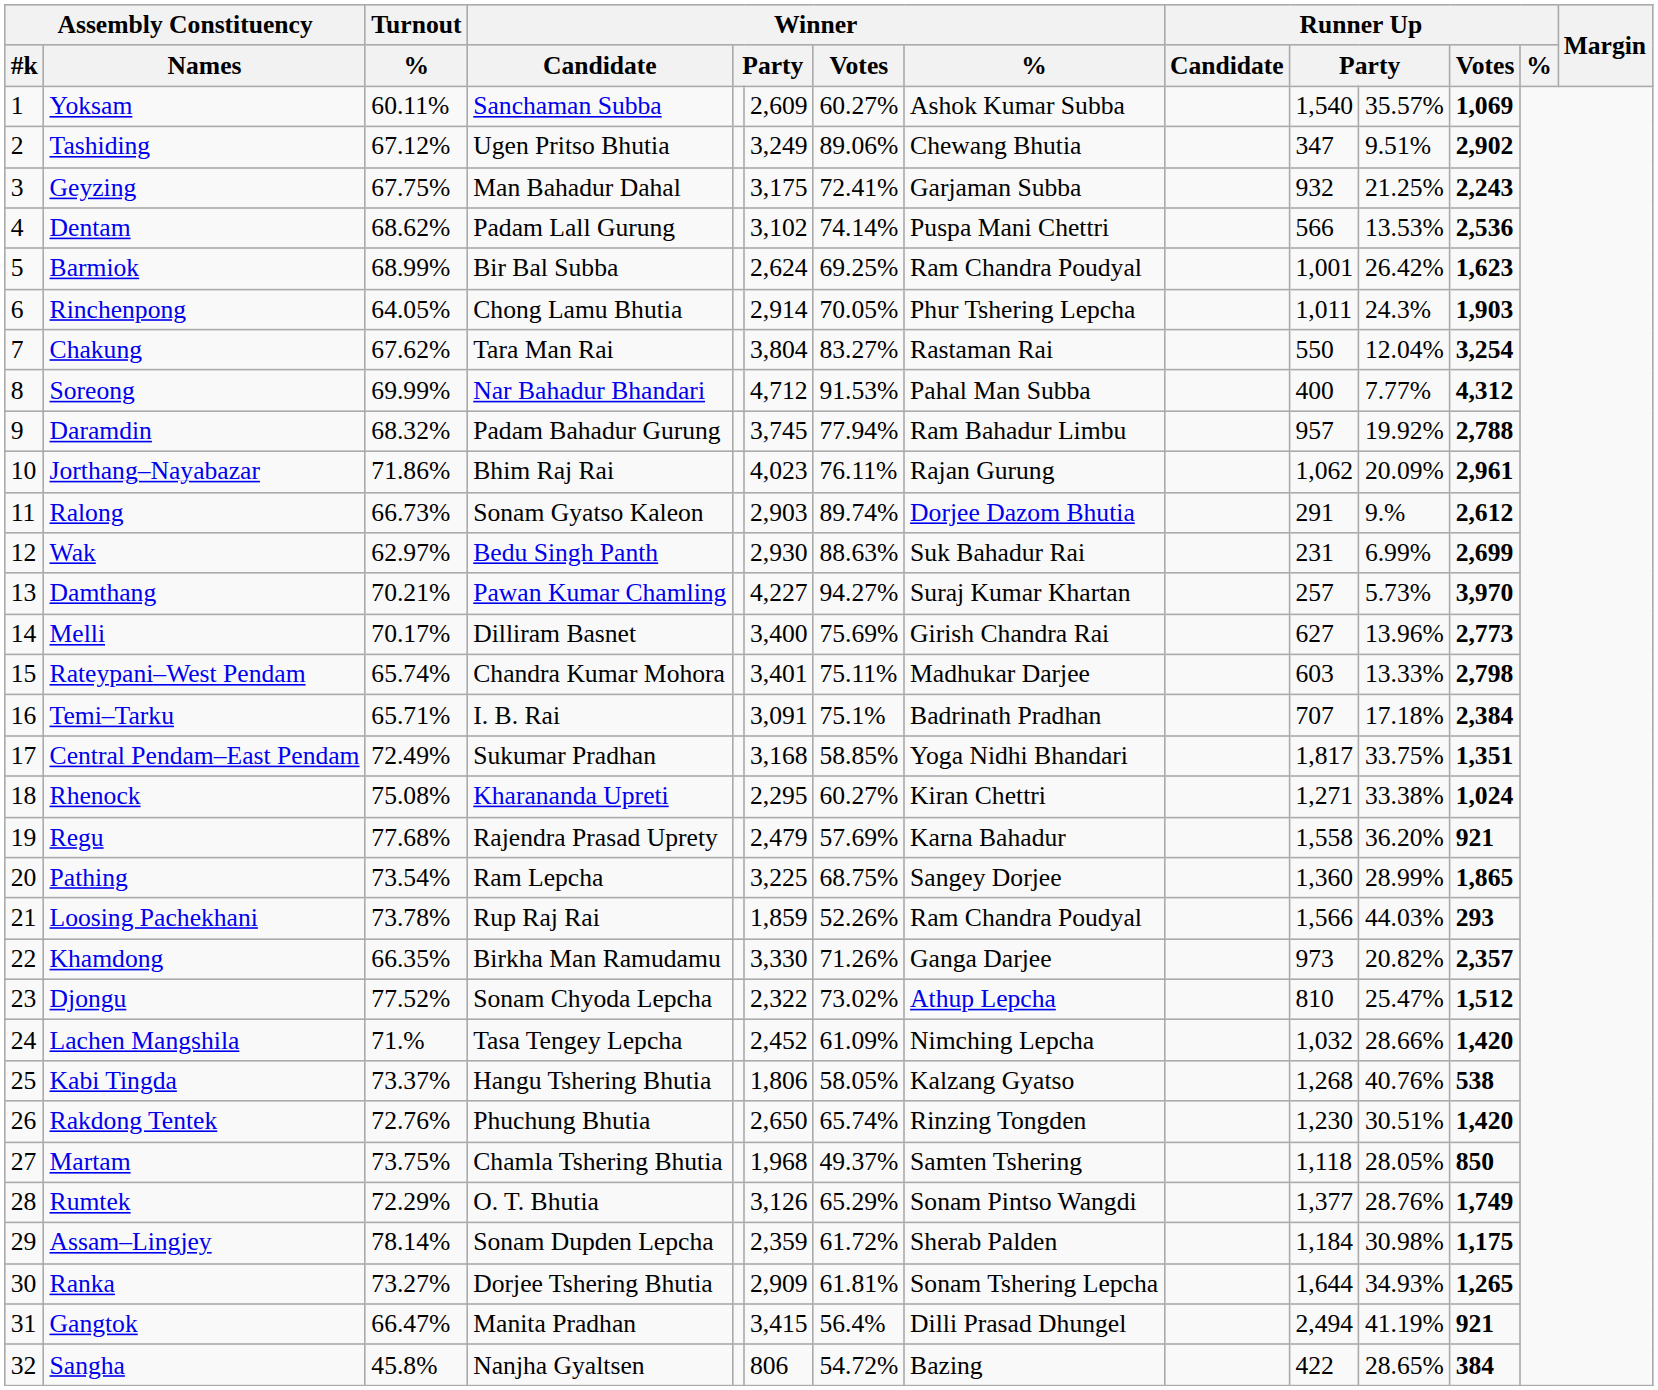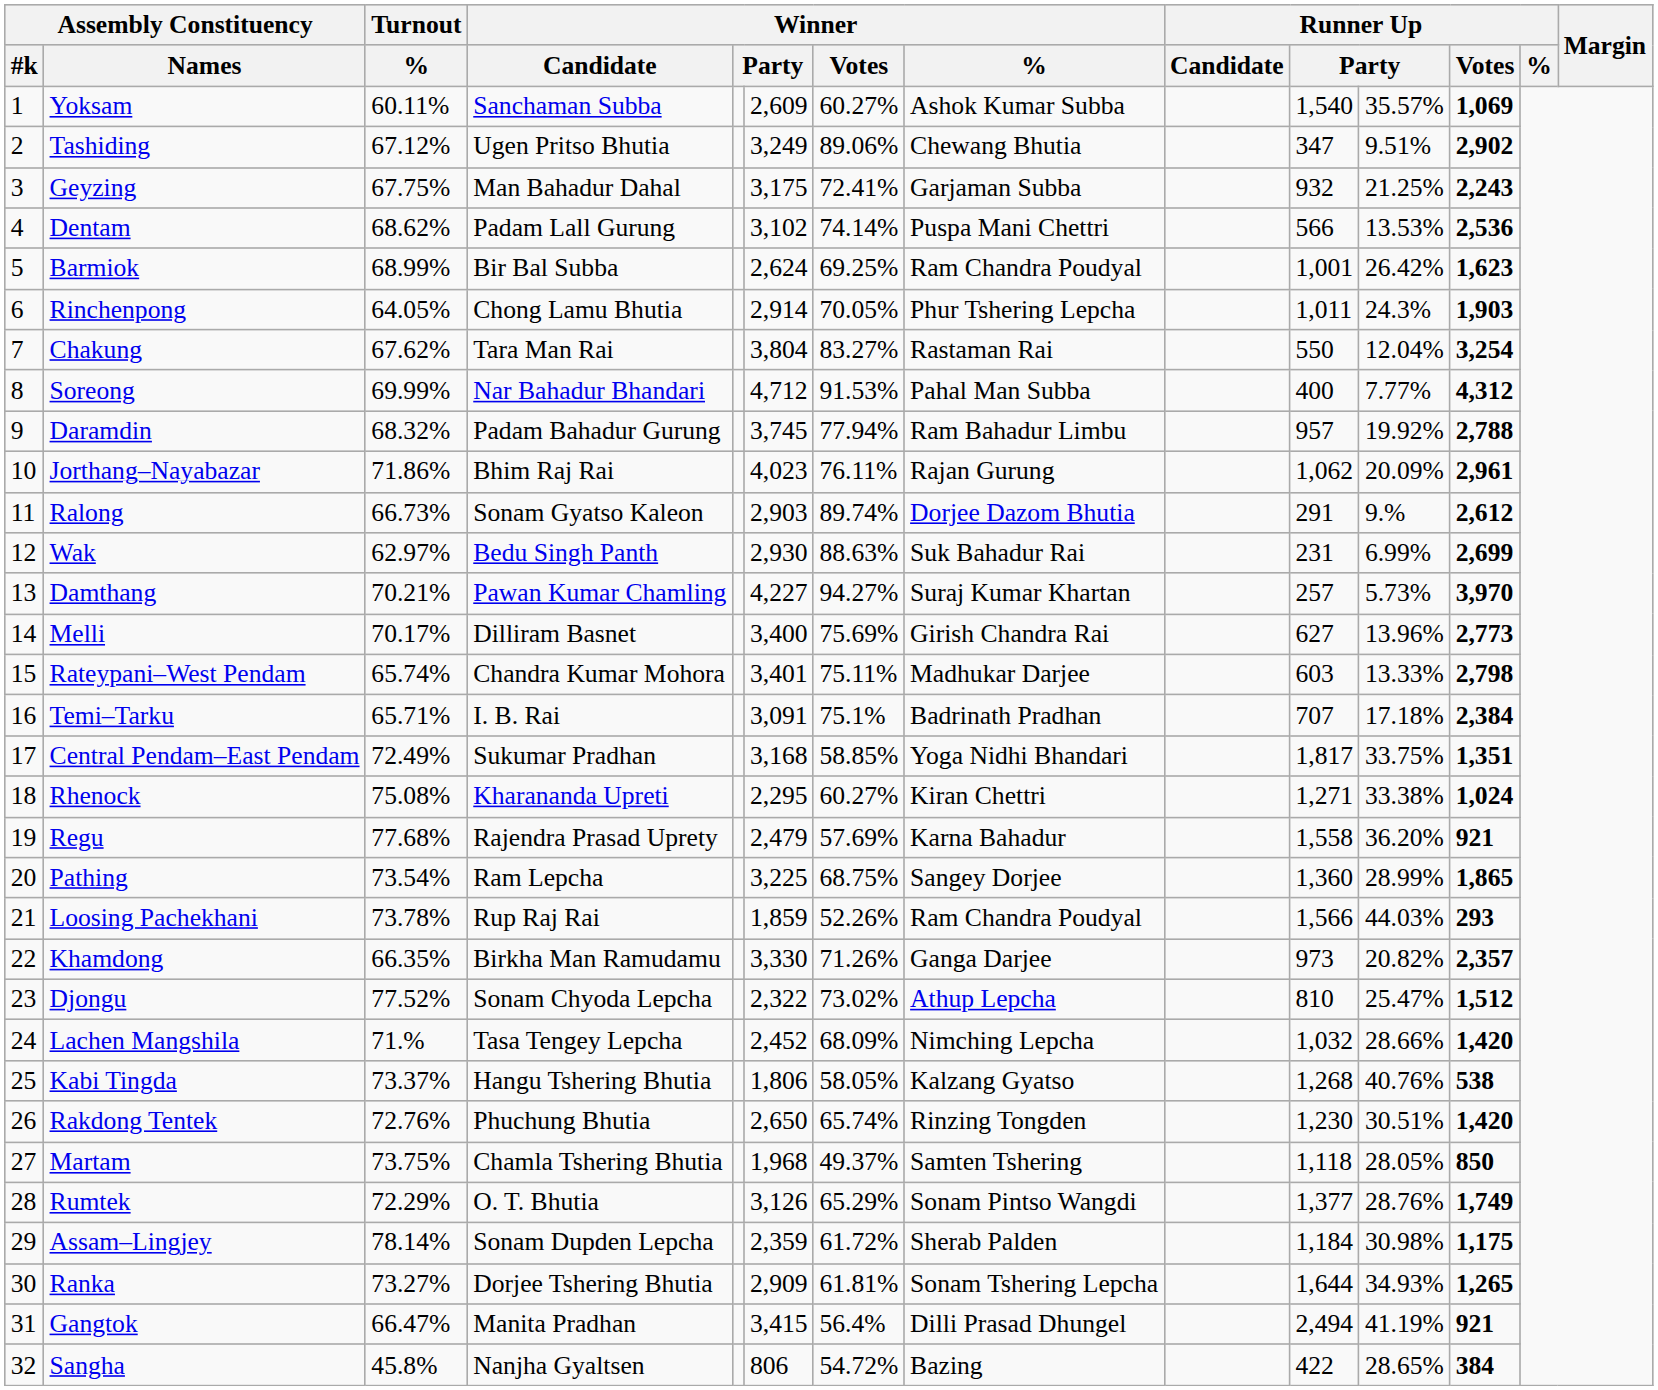 <table class="wikitable sortable">
 <tr>
 <th colspan="2">Assembly Constituency</th>
 <th>Turnout</th>
 <th colspan="5">Winner</th>
 <th colspan="5">Runner Up</th>
 <th rowspan="2" data-sort-type=number>Margin</th>
 </tr>
 <tr>
 <th>#k</th>
 <th>Names</th>
 <th>%</th>
 <th>Candidate</th>
 <th colspan="2">Party</th>
 <th data-sort-type=number>Votes</th>
 <th>%</th>
 <th>Candidate</th>
 <th colspan="2">Party</th>
 <th data-sort-type=number>Votes</th>
 <th>%</th>
 </tr>
 <tr>
 <td>1</td>
 <td><a href='#'>Yoksam</a></td>
 <td>60.11%</td>
 <td><a href='#'>Sanchaman Subba</a></td>
 <td></td>
 <td>2,609</td>
 <td>60.27%</td>
 <td>Ashok Kumar Subba</td>
 <td></td>
 <td>1,540</td>
 <td>35.57%</td>
 <td style="background:"><span><strong>1,069</strong></span></td>
 </tr>
 <tr>
 <td>2</td>
 <td><a href='#'>Tashiding</a></td>
 <td>67.12%</td>
 <td>Ugen Pritso Bhutia</td>
 <td></td>
 <td>3,249</td>
 <td>89.06%</td>
 <td>Chewang Bhutia</td>
 <td></td>
 <td>347</td>
 <td>9.51%</td>
 <td style="background:"><span><strong>2,902</strong></span></td>
 </tr>
 <tr>
 <td>3</td>
 <td><a href='#'>Geyzing</a></td>
 <td>67.75%</td>
 <td>Man Bahadur Dahal</td>
 <td></td>
 <td>3,175</td>
 <td>72.41%</td>
 <td>Garjaman Subba</td>
 <td></td>
 <td>932</td>
 <td>21.25%</td>
 <td style="background:"><span><strong>2,243</strong></span></td>
 </tr>
 <tr>
 <td>4</td>
 <td><a href='#'>Dentam</a></td>
 <td>68.62%</td>
 <td>Padam Lall Gurung</td>
 <td></td>
 <td>3,102</td>
 <td>74.14%</td>
 <td>Puspa Mani Chettri</td>
 <td></td>
 <td>566</td>
 <td>13.53%</td>
 <td style="background:"><span><strong>2,536</strong></span></td>
 </tr>
 <tr>
 <td>5</td>
 <td><a href='#'>Barmiok</a></td>
 <td>68.99%</td>
 <td>Bir Bal Subba</td>
 <td></td>
 <td>2,624</td>
 <td>69.25%</td>
 <td>Ram Chandra Poudyal</td>
 <td></td>
 <td>1,001</td>
 <td>26.42%</td>
 <td style="background:"><span><strong>1,623</strong></span></td>
 </tr>
 <tr>
 <td>6</td>
 <td><a href='#'>Rinchenpong</a></td>
 <td>64.05%</td>
 <td>Chong Lamu Bhutia</td>
 <td></td>
 <td>2,914</td>
 <td>70.05%</td>
 <td>Phur Tshering  Lepcha</td>
 <td></td>
 <td>1,011</td>
 <td>24.3%</td>
 <td style="background:"><span><strong>1,903</strong></span></td>
 </tr>
 <tr>
 <td>7</td>
 <td><a href='#'>Chakung</a></td>
 <td>67.62%</td>
 <td>Tara Man Rai</td>
 <td></td>
 <td>3,804</td>
 <td>83.27%</td>
 <td>Rastaman Rai</td>
 <td></td>
 <td>550</td>
 <td>12.04%</td>
 <td style="background:"><span><strong>3,254</strong></span></td>
 </tr>
 <tr>
 <td>8</td>
 <td><a href='#'>Soreong</a></td>
 <td>69.99%</td>
 <td><a href='#'>Nar Bahadur Bhandari</a></td>
 <td></td>
 <td>4,712</td>
 <td>91.53%</td>
 <td>Pahal Man Subba</td>
 <td></td>
 <td>400</td>
 <td>7.77%</td>
 <td style="background:"><span><strong>4,312</strong></span></td>
 </tr>
 <tr>
 <td>9</td>
 <td><a href='#'>Daramdin</a></td>
 <td>68.32%</td>
 <td>Padam Bahadur Gurung</td>
 <td></td>
 <td>3,745</td>
 <td>77.94%</td>
 <td>Ram Bahadur Limbu</td>
 <td></td>
 <td>957</td>
 <td>19.92%</td>
 <td style="background:"><span><strong>2,788</strong></span></td>
 </tr>
 <tr>
 <td>10</td>
 <td><a href='#'>Jorthang–Nayabazar</a></td>
 <td>71.86%</td>
 <td>Bhim Raj Rai</td>
 <td></td>
 <td>4,023</td>
 <td>76.11%</td>
 <td>Rajan Gurung</td>
 <td></td>
 <td>1,062</td>
 <td>20.09%</td>
 <td style="background:"><span><strong>2,961</strong></span></td>
 </tr>
 <tr>
 <td>11</td>
 <td><a href='#'>Ralong</a></td>
 <td>66.73%</td>
 <td>Sonam Gyatso Kaleon</td>
 <td></td>
 <td>2,903</td>
 <td>89.74%</td>
 <td><a href='#'>Dorjee Dazom Bhutia</a></td>
 <td></td>
 <td>291</td>
 <td>9.%</td>
 <td style="background:"><span><strong>2,612</strong></span></td>
 </tr>
 <tr>
 <td>12</td>
 <td><a href='#'>Wak</a></td>
 <td>62.97%</td>
 <td><a href='#'>Bedu Singh Panth</a></td>
 <td></td>
 <td>2,930</td>
 <td>88.63%</td>
 <td>Suk Bahadur Rai</td>
 <td></td>
 <td>231</td>
 <td>6.99%</td>
 <td style="background:"><span><strong>2,699</strong></span></td>
 </tr>
 <tr>
 <td>13</td>
 <td><a href='#'>Damthang</a></td>
 <td>70.21%</td>
 <td><a href='#'>Pawan Kumar Chamling</a></td>
 <td></td>
 <td>4,227</td>
 <td>94.27%</td>
 <td>Suraj Kumar Khartan</td>
 <td></td>
 <td>257</td>
 <td>5.73%</td>
 <td style="background:"><span><strong>3,970</strong></span></td>
 </tr>
 <tr>
 <td>14</td>
 <td><a href='#'>Melli</a></td>
 <td>70.17%</td>
 <td>Dilliram Basnet</td>
 <td></td>
 <td>3,400</td>
 <td>75.69%</td>
 <td>Girish Chandra Rai</td>
 <td></td>
 <td>627</td>
 <td>13.96%</td>
 <td style="background:"><span><strong>2,773</strong></span></td>
 </tr>
 <tr>
 <td>15</td>
 <td><a href='#'>Rateypani–West Pendam</a></td>
 <td>65.74%</td>
 <td>Chandra Kumar Mohora</td>
 <td></td>
 <td>3,401</td>
 <td>75.11%</td>
 <td>Madhukar Darjee</td>
 <td></td>
 <td>603</td>
 <td>13.33%</td>
 <td style="background:"><span><strong>2,798</strong></span></td>
 </tr>
 <tr>
 <td>16</td>
 <td><a href='#'>Temi–Tarku</a></td>
 <td>65.71%</td>
 <td>I. B. Rai</td>
 <td></td>
 <td>3,091</td>
 <td>75.1%</td>
 <td>Badrinath Pradhan</td>
 <td></td>
 <td>707</td>
 <td>17.18%</td>
 <td style="background:"><span><strong>2,384</strong></span></td>
 </tr>
 <tr>
 <td>17</td>
 <td><a href='#'>Central Pendam–East Pendam</a></td>
 <td>72.49%</td>
 <td>Sukumar Pradhan</td>
 <td></td>
 <td>3,168</td>
 <td>58.85%</td>
 <td>Yoga Nidhi Bhandari</td>
 <td></td>
 <td>1,817</td>
 <td>33.75%</td>
 <td style="background:"><span><strong>1,351</strong></span></td>
 </tr>
 <tr>
 <td>18</td>
 <td><a href='#'>Rhenock</a></td>
 <td>75.08%</td>
 <td><a href='#'>Kharananda Upreti</a></td>
 <td></td>
 <td>2,295</td>
 <td>60.27%</td>
 <td>Kiran Chettri</td>
 <td></td>
 <td>1,271</td>
 <td>33.38%</td>
 <td style="background:"><span><strong>1,024</strong></span></td>
 </tr>
 <tr>
 <td>19</td>
 <td><a href='#'>Regu</a></td>
 <td>77.68%</td>
 <td>Rajendra Prasad Uprety</td>
 <td></td>
 <td>2,479</td>
 <td>57.69%</td>
 <td>Karna Bahadur</td>
 <td></td>
 <td>1,558</td>
 <td>36.20%</td>
 <td style="background:"><span><strong>921</strong></span></td>
 </tr>
 <tr>
 <td>20</td>
 <td><a href='#'>Pathing</a></td>
 <td>73.54%</td>
 <td>Ram Lepcha</td>
 <td></td>
 <td>3,225</td>
 <td>68.75%</td>
 <td>Sangey Dorjee</td>
 <td></td>
 <td>1,360</td>
 <td>28.99%</td>
 <td style="background:"><span><strong>1,865</strong></span></td>
 </tr>
 <tr>
 <td>21</td>
 <td><a href='#'>Loosing Pachekhani</a></td>
 <td>73.78%</td>
 <td>Rup Raj Rai</td>
 <td></td>
 <td>1,859</td>
 <td>52.26%</td>
 <td>Ram Chandra Poudyal</td>
 <td></td>
 <td>1,566</td>
 <td>44.03%</td>
 <td style="background:"><span><strong>293</strong></span></td>
 </tr>
 <tr>
 <td>22</td>
 <td><a href='#'>Khamdong</a></td>
 <td>66.35%</td>
 <td>Birkha Man Ramudamu</td>
 <td></td>
 <td>3,330</td>
 <td>71.26%</td>
 <td>Ganga Darjee</td>
 <td></td>
 <td>973</td>
 <td>20.82%</td>
 <td style="background:"><span><strong>2,357</strong></span></td>
 </tr>
 <tr>
 <td>23</td>
 <td><a href='#'>Djongu</a></td>
 <td>77.52%</td>
 <td>Sonam Chyoda Lepcha</td>
 <td></td>
 <td>2,322</td>
 <td>73.02%</td>
 <td><a href='#'>Athup Lepcha</a></td>
 <td></td>
 <td>810</td>
 <td>25.47%</td>
 <td style="background:"><span><strong>1,512</strong></span></td>
 </tr>
 <tr>
 <td>24</td>
 <td><a href='#'>Lachen Mangshila</a></td>
 <td>71.%</td>
 <td>Tasa Tengey Lepcha</td>
 <td></td>
 <td>2,452</td>
-<td>61.09%</td>
+<td>68.09%</td>
 <td>Nimching Lepcha</td>
 <td></td>
 <td>1,032</td>
 <td>28.66%</td>
 <td style="background:"><span><strong>1,420</strong></span></td>
 </tr>
 <tr>
 <td>25</td>
 <td><a href='#'>Kabi Tingda</a></td>
 <td>73.37%</td>
 <td>Hangu Tshering Bhutia</td>
 <td></td>
 <td>1,806</td>
 <td>58.05%</td>
 <td>Kalzang Gyatso</td>
 <td></td>
 <td>1,268</td>
 <td>40.76%</td>
 <td style="background:"><span><strong>538</strong></span></td>
 </tr>
 <tr>
 <td>26</td>
 <td><a href='#'>Rakdong Tentek</a></td>
 <td>72.76%</td>
 <td>Phuchung Bhutia</td>
 <td></td>
 <td>2,650</td>
 <td>65.74%</td>
 <td>Rinzing Tongden</td>
 <td></td>
 <td>1,230</td>
 <td>30.51%</td>
 <td style="background:"><span><strong>1,420</strong></span></td>
 </tr>
 <tr>
 <td>27</td>
 <td><a href='#'>Martam</a></td>
 <td>73.75%</td>
 <td>Chamla Tshering  Bhutia</td>
 <td></td>
 <td>1,968</td>
 <td>49.37%</td>
 <td>Samten Tshering</td>
 <td></td>
 <td>1,118</td>
 <td>28.05%</td>
 <td style="background:"><span><strong>850</strong></span></td>
 </tr>
 <tr>
 <td>28</td>
 <td><a href='#'>Rumtek</a></td>
 <td>72.29%</td>
 <td>O. T. Bhutia</td>
 <td></td>
 <td>3,126</td>
 <td>65.29%</td>
 <td>Sonam Pintso Wangdi</td>
 <td></td>
 <td>1,377</td>
 <td>28.76%</td>
 <td style="background:"><span><strong>1,749</strong></span></td>
 </tr>
 <tr>
 <td>29</td>
 <td><a href='#'>Assam–Lingjey</a></td>
 <td>78.14%</td>
 <td>Sonam Dupden Lepcha</td>
 <td></td>
 <td>2,359</td>
 <td>61.72%</td>
 <td>Sherab Palden</td>
 <td></td>
 <td>1,184</td>
 <td>30.98%</td>
 <td style="background:"><span><strong>1,175</strong></span></td>
 </tr>
 <tr>
 <td>30</td>
 <td><a href='#'>Ranka</a></td>
 <td>73.27%</td>
 <td>Dorjee Tshering Bhutia</td>
 <td></td>
 <td>2,909</td>
 <td>61.81%</td>
 <td>Sonam Tshering Lepcha</td>
 <td></td>
 <td>1,644</td>
 <td>34.93%</td>
 <td style="background:"><span><strong>1,265</strong></span></td>
 </tr>
 <tr>
 <td>31</td>
 <td><a href='#'>Gangtok</a></td>
 <td>66.47%</td>
 <td>Manita Pradhan</td>
 <td></td>
 <td>3,415</td>
 <td>56.4%</td>
 <td>Dilli Prasad Dhungel</td>
 <td></td>
 <td>2,494</td>
 <td>41.19%</td>
 <td style="background:"><span><strong>921</strong></span></td>
 </tr>
 <tr>
 <td>32</td>
 <td><a href='#'>Sangha</a></td>
 <td>45.8%</td>
 <td>Nanjha Gyaltsen</td>
 <td></td>
 <td>806</td>
 <td>54.72%</td>
 <td>Bazing</td>
 <td></td>
 <td>422</td>
 <td>28.65%</td>
 <td style="background:"><span><strong>384</strong></span></td>
 </tr>
 </table>
